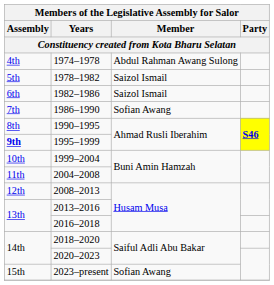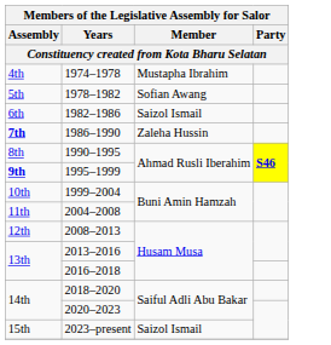 <table class=wikitable>
 <tr>
 <th colspan=4>Members of the Legislative Assembly for Salor</th>
 </tr>
 <tr>
 <th>Assembly</th>
 <th>Years</th>
 <th>Member</th>
 <th>Party</th>
 </tr>
 <tr>
 <th colspan=4 align=center><em>Constituency created from Kota Bharu Selatan</em></th>
 </tr>
 <tr>
 <td><a href='#'>4th</a></td>
 <td>1974–1978</td>
-<td>Abdul Rahman Awang Sulong</td>
+<td>Mustapha Ibrahim</td>
 <td></td>
 </tr>
 <tr>
 <td><a href='#'>5th</a></td>
 <td>1978–1982</td>
-<td>Saizol Ismail</td>
+<td>Sofian Awang</td>
 <td></td>
 </tr>
 <tr>
 <td><a href='#'>6th</a></td>
 <td>1982–1986</td>
 <td>Saizol Ismail</td>
 <td></td>
 </tr>
 <tr>
-<td><a href='#'>7th</a></td>
+<td><strong><a href='#'>7th</a></strong></td>
 <td>1986–1990</td>
-<td>Sofian Awang</td>
+<td>Zaleha Hussin</td>
 <td></td>
 </tr>
 <tr>
 <td><a href='#'>8th</a></td>
 <td>1990–1995</td>
 <td rowspan=2>Ahmad Rusli Iberahim</td>
 <td rowspan=2 bgcolor="yellow"><strong><a href='#'>S46</a></strong></td>
 </tr>
 <tr>
 <td><strong><a href='#'>9th</a></strong></td>
 <td>1995–1999</td>
 </tr>
 <tr>
 <td><a href='#'>10th</a></td>
 <td>1999–2004</td>
 <td rowspan=2>Buni Amin Hamzah</td>
 <td rowspan=2></td>
 </tr>
 <tr>
 <td><a href='#'>11th</a></td>
 <td>2004–2008</td>
 </tr>
 <tr>
 <td><a href='#'>12th</a></td>
 <td>2008–2013</td>
 <td rowspan=3><a href='#'>Husam Musa</a></td>
 <td rowspan="2"></td>
 </tr>
 <tr>
 <td rowspan=2><a href='#'>13th</a></td>
 <td>2013–2016</td>
 </tr>
 <tr>
 <td>2016–2018</td>
 <td></td>
 </tr>
 <tr>
 <td rowspan="2">14th</td>
 <td>2018–2020</td>
 <td rowspan="2">Saiful Adli Abu Bakar</td>
 <td></td>
 </tr>
 <tr>
 <td>2020–2023</td>
 <td rowspan="2"></td>
 </tr>
 <tr>
 <td>15th</td>
 <td>2023–present</td>
-<td>Sofian Awang</td>
+<td>Saizol Ismail</td>
 </tr>
 <tr>
 </tr>
 </table>
